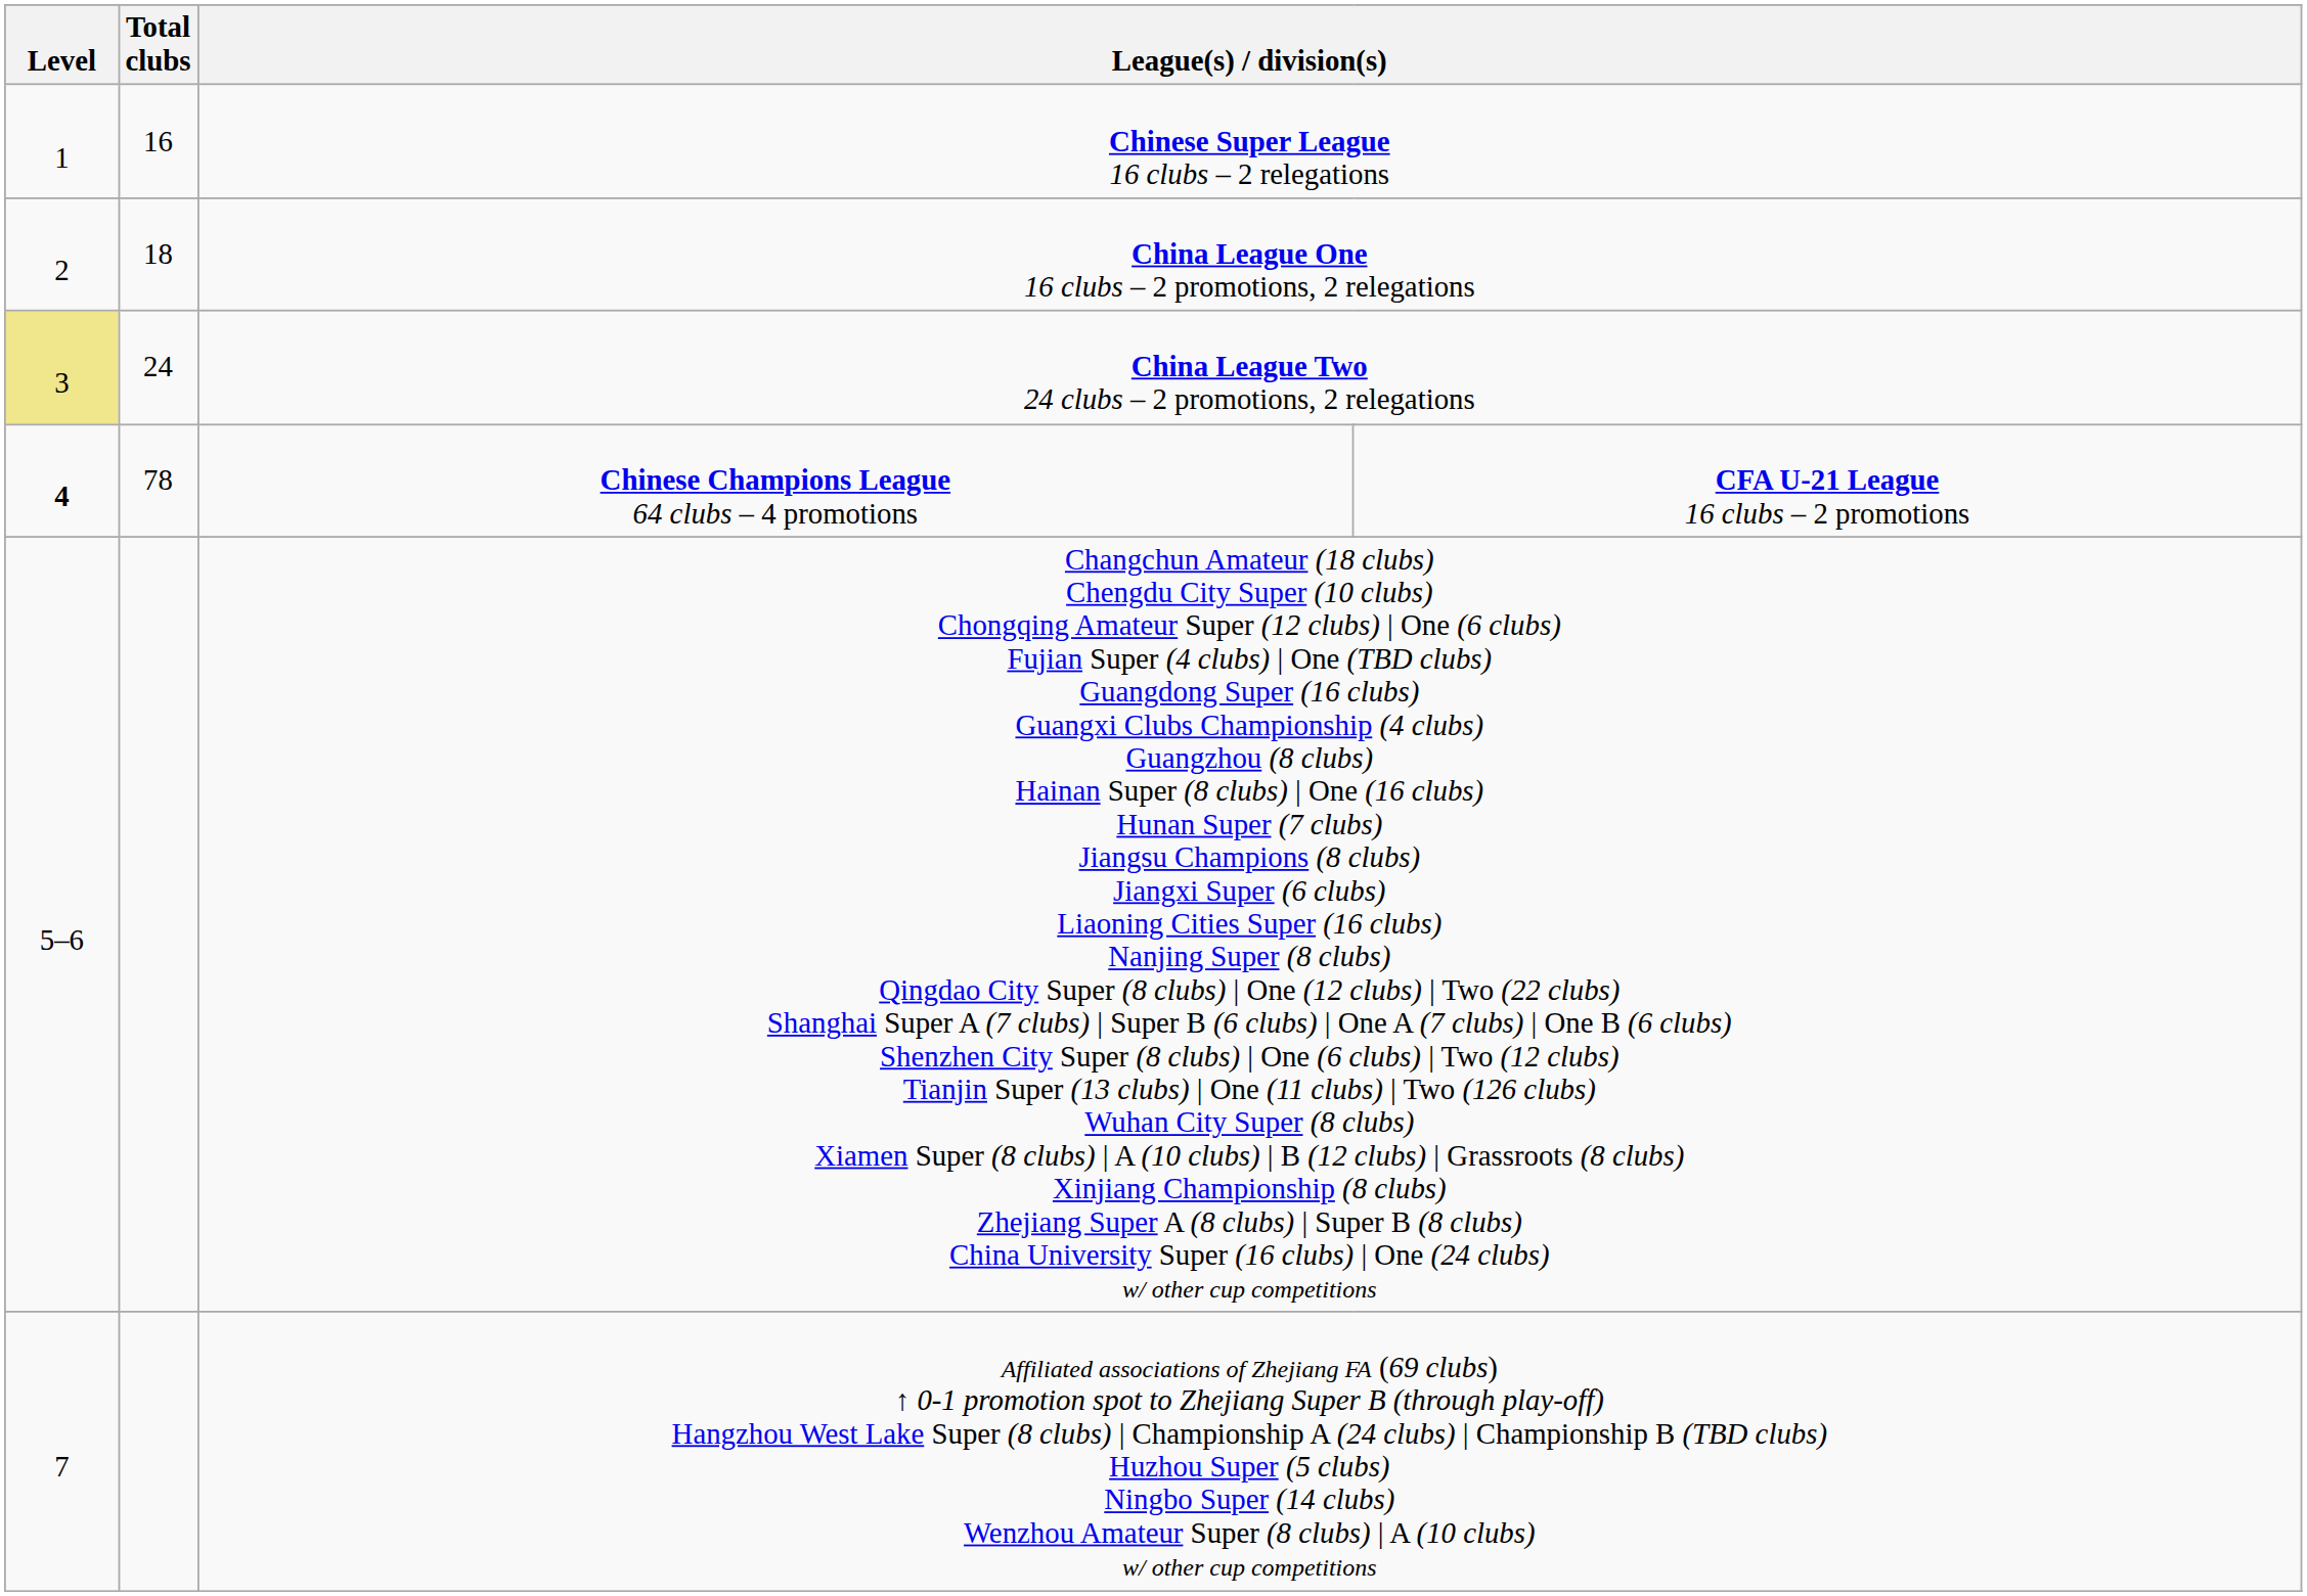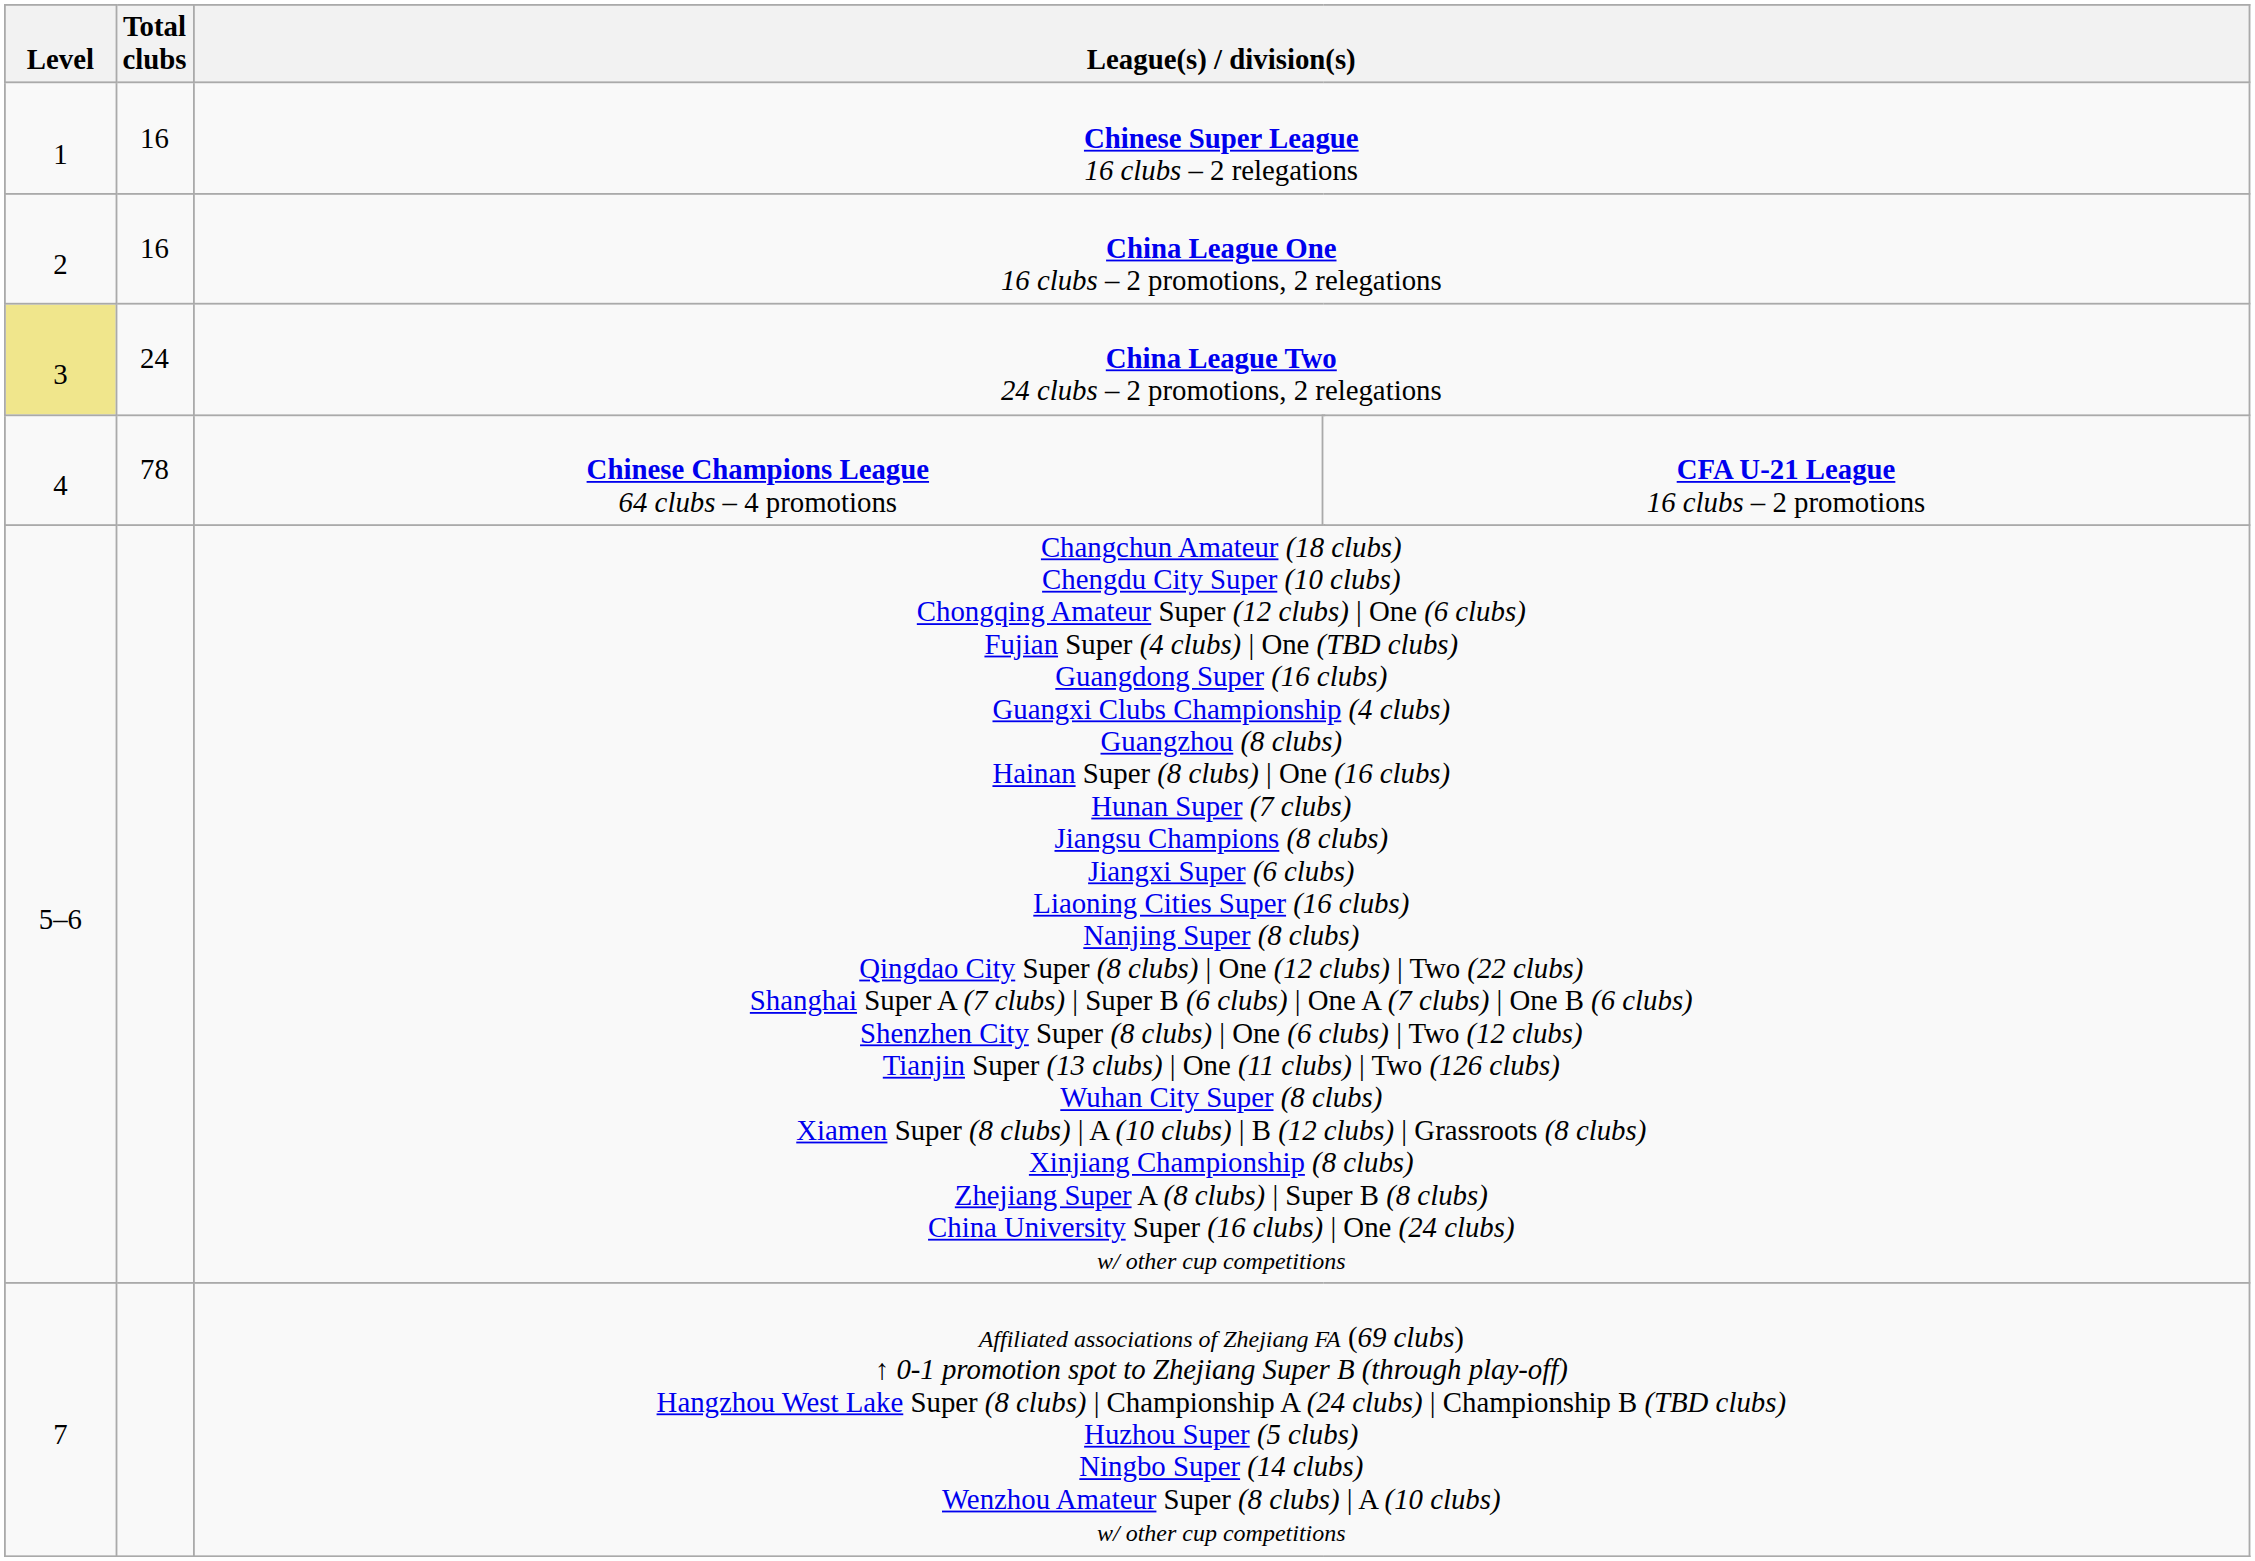 <table class="wikitable" style="text-align: center;">
 <tr>
 <th width=5%><br>Level</th>
 <th>Total clubs</th>
 <th colspan="32" width=95%><br>League(s) / division(s)</th>
 </tr>
 <tr>
 <td><br>1</td>
 <td>16</td>
 <td colspan="32"><br><strong><a href='#'>Chinese Super League</a></strong><br> <em>16 clubs</em> – 2 relegations</td>
 </tr>
 <tr>
 <td><br>2</td>
-<td>18</td>
+<td>16</td>
 <td colspan="32"><br><strong><a href='#'>China League One</a></strong><br> <em>16 clubs</em> – 2 promotions, 2 relegations</td>
 </tr>
 <tr>
 <td style="background: khaki;"><br>3</td>
 <td>24</td>
 <td colspan="32"><br><strong><a href='#'>China League Two</a></strong><br> <em>24 clubs</em> – 2 promotions, 2 relegations</td>
 </tr>
 <tr>
-<td><strong><br>4</strong></td>
+<td><br>4</td>
 <td>78</td>
 <td colspan="16"><br><strong><a href='#'>Chinese Champions League</a></strong><br> <em>64 clubs</em> – 4 promotions</td>
 <td colspan="16"><br><strong><a href='#'>CFA U-21 League</a></strong><br> <em>16 clubs</em> – 2 promotions</td>
 </tr>
 <tr>
 <td><br>5–6</td>
 <td></td>
 <td colspan="32"><a href='#'>Changchun Amateur</a> <em>(18 clubs)</em><br><a href='#'>Chengdu City Super</a> <em>(10 clubs)</em><br><a href='#'>Chongqing Amateur</a> Super <em>(12 clubs)</em> | One <em>(6 clubs)</em><br><a href='#'>Fujian</a> Super <em>(4 clubs)</em> | One <em>(TBD clubs)</em><br><a href='#'>Guangdong Super</a> <em>(16 clubs)</em><br><a href='#'>Guangxi Clubs Championship</a> <em>(4 clubs)</em><br><a href='#'>Guangzhou</a> <em>(8 clubs)</em><br><a href='#'>Hainan</a> Super <em>(8 clubs)</em> | One <em>(16 clubs)</em><br><a href='#'>Hunan Super</a> <em>(7 clubs)</em><br><a href='#'>Jiangsu Champions</a> <em>(8 clubs)</em><br><a href='#'>Jiangxi Super</a> <em>(6 clubs)</em><br><a href='#'>Liaoning Cities Super</a> <em>(16 clubs)</em><br><a href='#'>Nanjing Super</a> <em>(8 clubs)</em><br><a href='#'>Qingdao City</a> Super <em>(8 clubs)</em> | One <em>(12 clubs)</em> | Two <em>(22 clubs)</em><br><a href='#'>Shanghai</a> Super A <em>(7 clubs)</em> | Super B <em>(6 clubs)</em> | One A <em>(7 clubs)</em> | One B <em>(6 clubs)</em><br><a href='#'>Shenzhen City</a> Super <em>(8 clubs)</em> | One <em>(6 clubs)</em> | Two <em>(12 clubs)</em><br><a href='#'>Tianjin</a> Super <em>(13 clubs)</em> | One <em>(11 clubs)</em> | Two <em>(126 clubs)</em><br><a href='#'>Wuhan City Super</a> <em>(8 clubs)</em><br><a href='#'>Xiamen</a> Super <em>(8 clubs)</em> | A <em>(10 clubs)</em> | B <em>(12 clubs)</em> | Grassroots <em>(8 clubs)</em><br><a href='#'>Xinjiang Championship</a> <em>(8 clubs)</em><br><a href='#'>Zhejiang Super</a> A <em>(8 clubs)</em> | Super B <em>(8 clubs)</em><br><a href='#'>China University</a> Super <em>(16 clubs)</em> | One <em>(24 clubs)</em><br><small><em>w/ other cup competitions</em></small></td>
 </tr>
 <tr>
 <td><br>7</td>
 <td></td>
 <td colspan="32"><br><small><em>Affiliated associations of Zhejiang FA</em></small> (<em>69 clubs</em>)<br><em>↑ 0-1 promotion spot to Zhejiang Super B (through play-off)</em><br><a href='#'>Hangzhou West Lake</a> Super <em>(8 clubs)</em>  | Championship A <em>(24 clubs)</em> | Championship B <em>(TBD clubs)</em><br><a href='#'>Huzhou Super</a> <em>(5 clubs)</em><br><a href='#'>Ningbo Super</a> <em>(14 clubs)</em><br><a href='#'>Wenzhou Amateur</a> Super <em>(8 clubs)</em> | A <em>(10 clubs)</em><br><small><em>w/ other cup competitions</em></small></td>
 </tr>
 <tr>
 </tr>
 </table>
